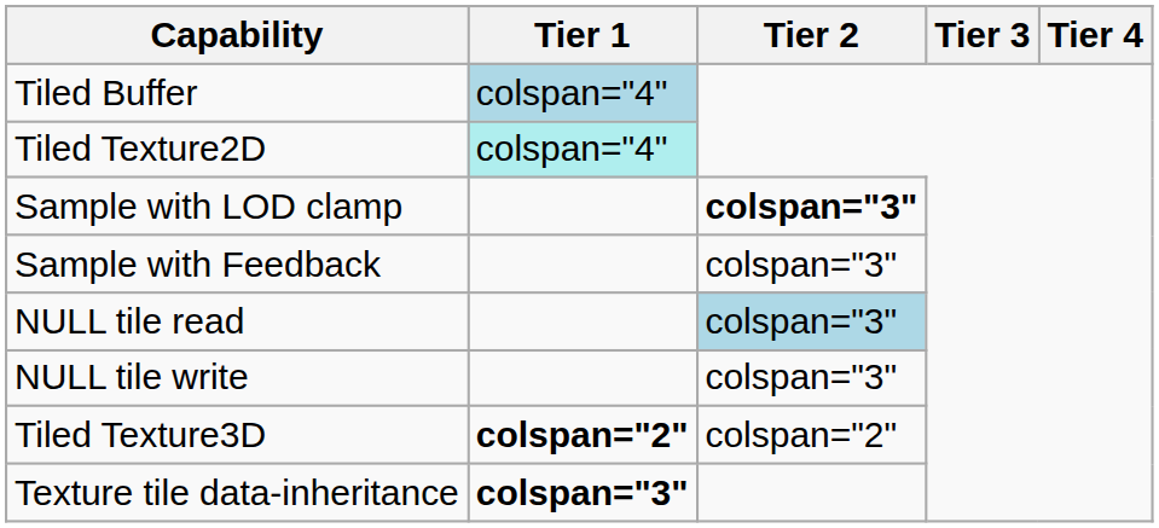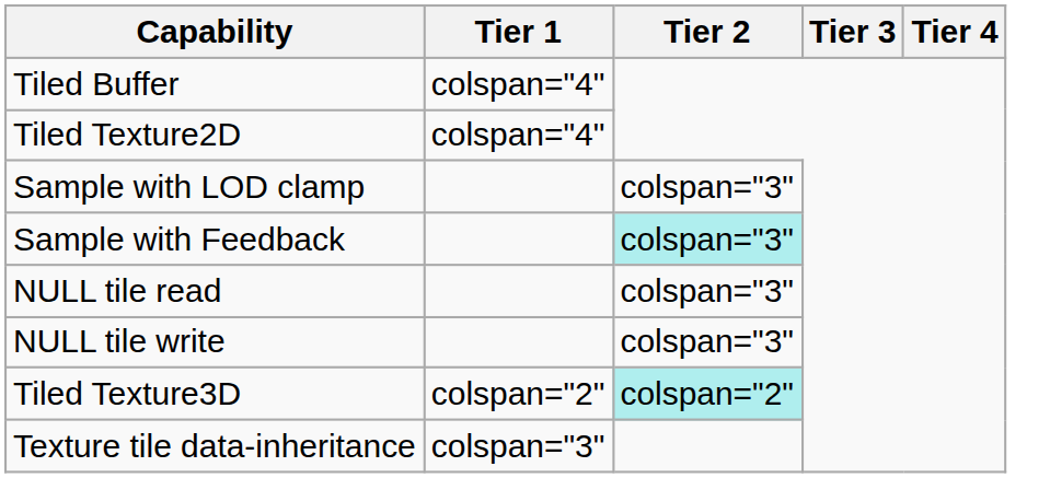 <table class="wikitable"  style="font-size: 90%">
 <tr>
 <th>Capability</th>
 <th>Tier 1</th>
 <th>Tier 2</th>
 <th>Tier 3</th>
 <th>Tier 4</th>
 </tr>
 <tr>
 <td>Tiled Buffer</td>
-<td style="background: lightblue;">colspan="4" </td>
+<td>colspan="4" </td>
 </tr>
 <tr>
 <td>Tiled Texture2D</td>
-<td style="background: paleturquoise;">colspan="4" </td>
+<td>colspan="4" </td>
 </tr>
 <tr>
 <td>Sample with LOD clamp</td>
 <td></td>
-<td><strong>colspan="3" </strong></td>
+<td>colspan="3" </td>
 </tr>
 <tr>
 <td>Sample with Feedback</td>
 <td></td>
-<td>colspan="3" </td>
+<td style="background: paleturquoise;">colspan="3" </td>
 </tr>
 <tr>
 <td>NULL tile read</td>
 <td></td>
-<td style="background: lightblue;">colspan="3" </td>
+<td>colspan="3" </td>
 </tr>
 <tr>
 <td>NULL tile write</td>
 <td></td>
 <td>colspan="3" </td>
 </tr>
 <tr>
 <td>Tiled Texture3D</td>
-<td><strong>colspan="2" </strong></td>
 <td>colspan="2" </td>
+<td style="background: paleturquoise;">colspan="2" </td>
 </tr>
 <tr>
 <td>Texture tile data-inheritance</td>
-<td><strong>colspan="3" </strong></td>
+<td>colspan="3" </td>
 <td></td>
 </tr>
 </table>
